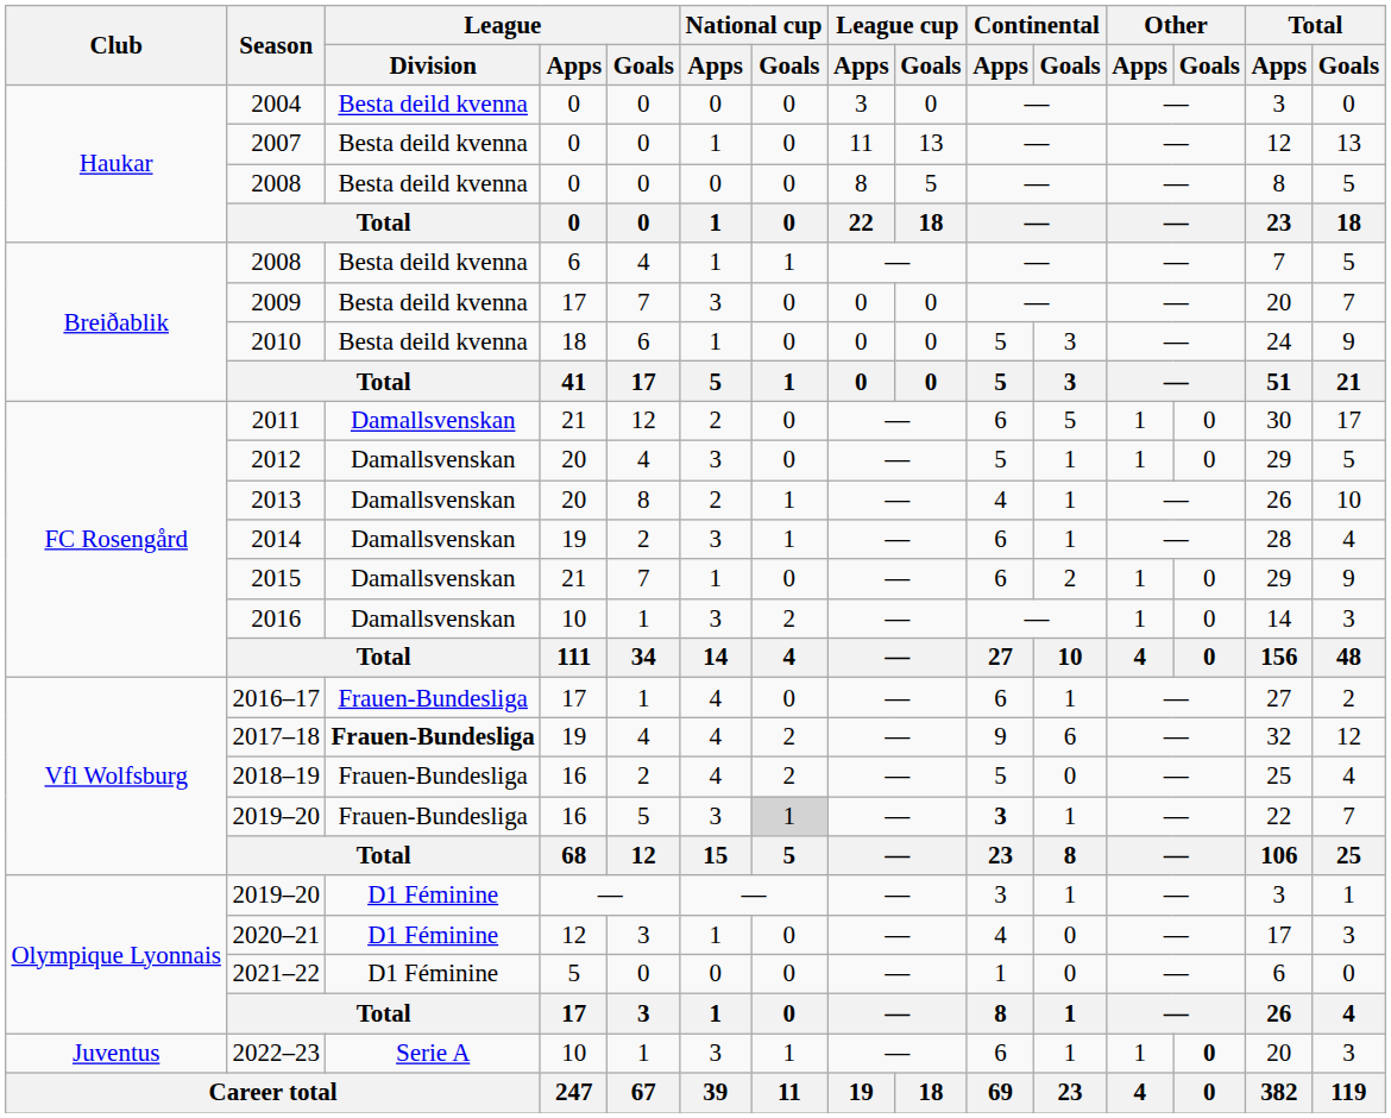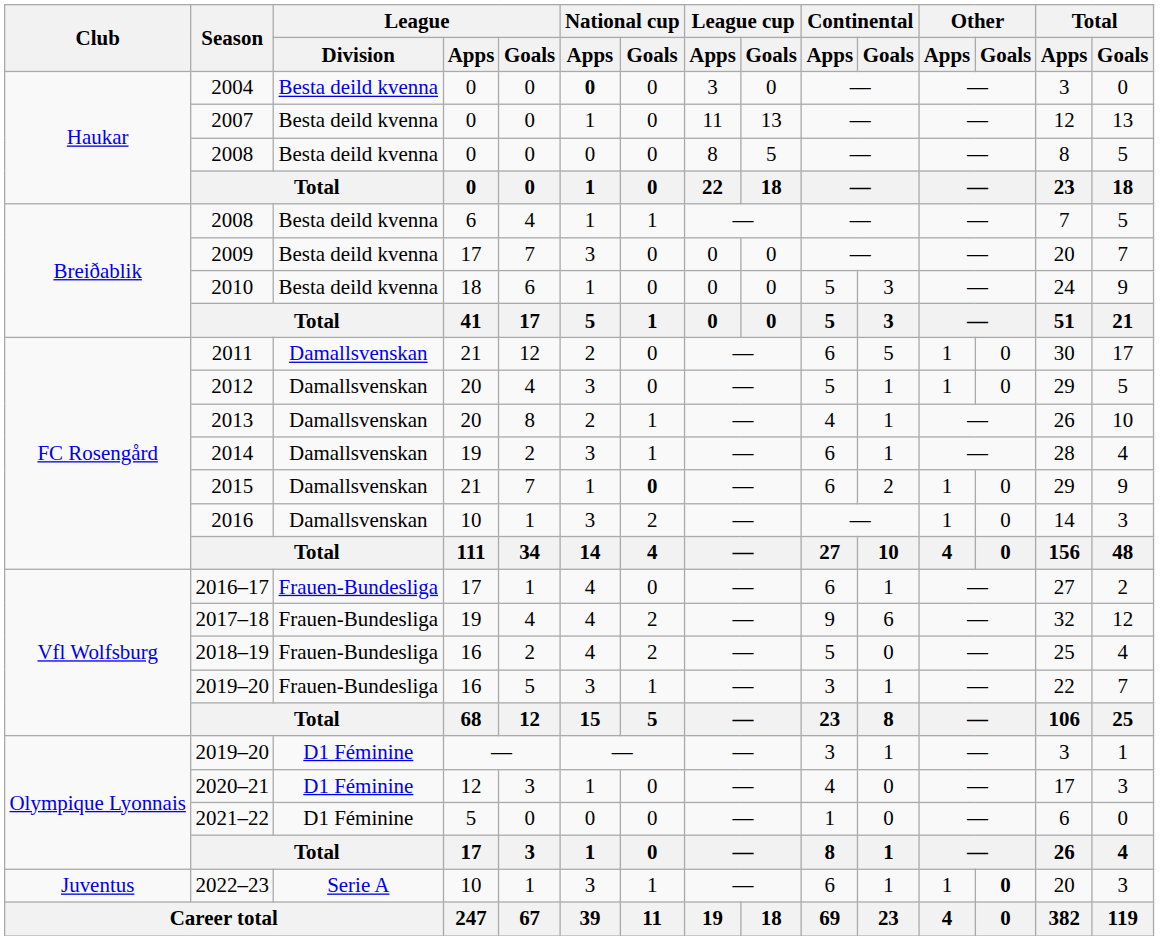 <table class="wikitable" style="text-align:center">
 <tr>
 <th rowspan="2">Club</th>
 <th rowspan="2">Season</th>
 <th colspan="3">League</th>
 <th colspan="2">National cup</th>
 <th colspan="2">League cup</th>
 <th colspan="2">Continental</th>
 <th colspan="2">Other</th>
 <th colspan="2">Total</th>
 </tr>
 <tr>
 <th>Division</th>
 <th>Apps</th>
 <th>Goals</th>
 <th>Apps</th>
 <th>Goals</th>
 <th>Apps</th>
 <th>Goals</th>
 <th>Apps</th>
 <th>Goals</th>
 <th>Apps</th>
 <th>Goals</th>
 <th>Apps</th>
 <th>Goals</th>
 </tr>
 <tr>
 <td rowspan="4"><a href='#'>Haukar</a></td>
 <td>2004</td>
 <td><a href='#'>Besta deild kvenna</a></td>
 <td>0</td>
 <td>0</td>
-<td>0</td>
+<td><strong>0</strong></td>
 <td>0</td>
 <td>3</td>
 <td>0</td>
 <td colspan="2">—</td>
 <td colspan="2">—</td>
 <td>3</td>
 <td>0</td>
 </tr>
 <tr>
 <td>2007</td>
 <td>Besta deild kvenna</td>
 <td>0</td>
 <td>0</td>
 <td>1</td>
 <td>0</td>
 <td>11</td>
 <td>13</td>
 <td colspan="2">—</td>
 <td colspan="2">—</td>
 <td>12</td>
 <td>13</td>
 </tr>
 <tr>
 <td>2008</td>
 <td>Besta deild kvenna</td>
 <td>0</td>
 <td>0</td>
 <td>0</td>
 <td>0</td>
 <td>8</td>
 <td>5</td>
 <td colspan="2">—</td>
 <td colspan="2">—</td>
 <td>8</td>
 <td>5</td>
 </tr>
 <tr>
 <th colspan="2">Total</th>
 <th>0</th>
 <th>0</th>
 <th>1</th>
 <th>0</th>
 <th>22</th>
 <th>18</th>
 <th colspan="2">—</th>
 <th colspan="2">—</th>
 <th>23</th>
 <th>18</th>
 </tr>
 <tr>
 <td rowspan="4"><a href='#'>Breiðablik</a></td>
 <td>2008</td>
 <td>Besta deild kvenna</td>
 <td>6</td>
 <td>4</td>
 <td>1</td>
 <td>1</td>
 <td colspan="2">—</td>
 <td colspan="2">—</td>
 <td colspan="2">—</td>
 <td>7</td>
 <td>5</td>
 </tr>
 <tr>
 <td>2009</td>
 <td>Besta deild kvenna</td>
 <td>17</td>
 <td>7</td>
 <td>3</td>
 <td>0</td>
 <td>0</td>
 <td>0</td>
 <td colspan="2">—</td>
 <td colspan="2">—</td>
 <td>20</td>
 <td>7</td>
 </tr>
 <tr>
 <td>2010</td>
 <td>Besta deild kvenna</td>
 <td>18</td>
 <td>6</td>
 <td>1</td>
 <td>0</td>
 <td>0</td>
 <td>0</td>
 <td>5</td>
 <td>3</td>
 <td colspan="2">—</td>
 <td>24</td>
 <td>9</td>
 </tr>
 <tr>
 <th colspan="2">Total</th>
 <th>41</th>
 <th>17</th>
 <th>5</th>
 <th>1</th>
 <th>0</th>
 <th>0</th>
 <th>5</th>
 <th>3</th>
 <th colspan="2">—</th>
 <th>51</th>
 <th>21</th>
 </tr>
 <tr>
 <td rowspan="7"><a href='#'>FC Rosengård</a></td>
 <td>2011</td>
 <td><a href='#'>Damallsvenskan</a></td>
 <td>21</td>
 <td>12</td>
 <td>2</td>
 <td>0</td>
 <td colspan="2">—</td>
 <td>6</td>
 <td>5</td>
 <td>1</td>
 <td>0</td>
 <td>30</td>
 <td>17</td>
 </tr>
 <tr>
 <td>2012</td>
 <td>Damallsvenskan</td>
 <td>20</td>
 <td>4</td>
 <td>3</td>
 <td>0</td>
 <td colspan="2">—</td>
 <td>5</td>
 <td>1</td>
 <td>1</td>
 <td>0</td>
 <td>29</td>
 <td>5</td>
 </tr>
 <tr>
 <td>2013</td>
 <td>Damallsvenskan</td>
 <td>20</td>
 <td>8</td>
 <td>2</td>
 <td>1</td>
 <td colspan="2">—</td>
 <td>4</td>
 <td>1</td>
 <td colspan="2">—</td>
 <td>26</td>
 <td>10</td>
 </tr>
 <tr>
 <td>2014</td>
 <td>Damallsvenskan</td>
 <td>19</td>
 <td>2</td>
 <td>3</td>
 <td>1</td>
 <td colspan="2">—</td>
 <td>6</td>
 <td>1</td>
 <td colspan="2">—</td>
 <td>28</td>
 <td>4</td>
 </tr>
 <tr>
 <td>2015</td>
 <td>Damallsvenskan</td>
 <td>21</td>
 <td>7</td>
 <td>1</td>
-<td>0</td>
+<td><strong>0</strong></td>
 <td colspan="2">—</td>
 <td>6</td>
 <td>2</td>
 <td>1</td>
 <td>0</td>
 <td>29</td>
 <td>9</td>
 </tr>
 <tr>
 <td>2016</td>
 <td>Damallsvenskan</td>
 <td>10</td>
 <td>1</td>
 <td>3</td>
 <td>2</td>
 <td colspan="2">—</td>
 <td colspan="2">—</td>
 <td>1</td>
 <td>0</td>
 <td>14</td>
 <td>3</td>
 </tr>
 <tr>
 <th colspan="2">Total</th>
 <th>111</th>
 <th>34</th>
 <th>14</th>
 <th>4</th>
 <th colspan="2">—</th>
 <th>27</th>
 <th>10</th>
 <th>4</th>
 <th>0</th>
 <th>156</th>
 <th>48</th>
 </tr>
 <tr>
 <td rowspan="5"><a href='#'>Vfl Wolfsburg</a></td>
 <td>2016–17</td>
 <td><a href='#'>Frauen-Bundesliga</a></td>
 <td>17</td>
 <td>1</td>
 <td>4</td>
 <td>0</td>
 <td colspan="2">—</td>
 <td>6</td>
 <td>1</td>
 <td colspan="2">—</td>
 <td>27</td>
 <td>2</td>
 </tr>
 <tr>
 <td>2017–18</td>
-<td><strong>Frauen-Bundesliga</strong></td>
+<td>Frauen-Bundesliga</td>
 <td>19</td>
 <td>4</td>
 <td>4</td>
 <td>2</td>
 <td colspan="2">—</td>
 <td>9</td>
 <td>6</td>
 <td colspan="2">—</td>
 <td>32</td>
 <td>12</td>
 </tr>
 <tr>
 <td>2018–19</td>
 <td>Frauen-Bundesliga</td>
 <td>16</td>
 <td>2</td>
 <td>4</td>
 <td>2</td>
 <td colspan="2">—</td>
 <td>5</td>
 <td>0</td>
 <td colspan="2">—</td>
 <td>25</td>
 <td>4</td>
 </tr>
 <tr>
 <td>2019–20</td>
 <td>Frauen-Bundesliga</td>
 <td>16</td>
 <td>5</td>
 <td>3</td>
-<td style="background: lightgrey;">1</td>
+<td>1</td>
 <td colspan="2">—</td>
-<td><strong>3</strong></td>
+<td>3</td>
 <td>1</td>
 <td colspan="2">—</td>
 <td>22</td>
 <td>7</td>
 </tr>
 <tr>
 <th colspan="2">Total</th>
 <th>68</th>
 <th>12</th>
 <th>15</th>
 <th>5</th>
 <th colspan="2">—</th>
 <th>23</th>
 <th>8</th>
 <th colspan="2">—</th>
 <th>106</th>
 <th>25</th>
 </tr>
 <tr>
 <td rowspan="4"><a href='#'>Olympique Lyonnais</a></td>
 <td>2019–20</td>
 <td><a href='#'>D1 Féminine</a></td>
 <td colspan="2">—</td>
 <td colspan="2">—</td>
 <td colspan="2">—</td>
 <td>3</td>
 <td>1</td>
 <td colspan="2">—</td>
 <td>3</td>
 <td>1</td>
 </tr>
 <tr>
 <td>2020–21</td>
 <td><a href='#'>D1 Féminine</a></td>
 <td>12</td>
 <td>3</td>
 <td>1</td>
 <td>0</td>
 <td colspan="2">—</td>
 <td>4</td>
 <td>0</td>
 <td colspan="2">—</td>
 <td>17</td>
 <td>3</td>
 </tr>
 <tr>
 <td>2021–22</td>
 <td>D1 Féminine</td>
 <td>5</td>
 <td>0</td>
 <td>0</td>
 <td>0</td>
 <td colspan="2">—</td>
 <td>1</td>
 <td>0</td>
 <td colspan="2">—</td>
 <td>6</td>
 <td>0</td>
 </tr>
 <tr>
 <th colspan="2">Total</th>
 <th>17</th>
 <th>3</th>
 <th>1</th>
 <th>0</th>
 <th colspan="2">—</th>
 <th>8</th>
 <th>1</th>
 <th colspan="2">—</th>
 <th>26</th>
 <th>4</th>
 </tr>
 <tr>
 <td><a href='#'>Juventus</a></td>
 <td>2022–23</td>
 <td><a href='#'>Serie A</a></td>
 <td>10</td>
 <td>1</td>
 <td>3</td>
 <td>1</td>
 <td colspan="2">—</td>
 <td>6</td>
 <td>1</td>
 <td>1</td>
 <td><strong>0</strong></td>
 <td>20</td>
 <td>3</td>
 </tr>
 <tr>
 <th colspan="3">Career total</th>
 <th>247</th>
 <th>67</th>
 <th>39</th>
 <th>11</th>
 <th>19</th>
 <th>18</th>
 <th>69</th>
 <th>23</th>
 <th>4</th>
 <th>0</th>
 <th>382</th>
 <th>119</th>
 </tr>
 </table>
